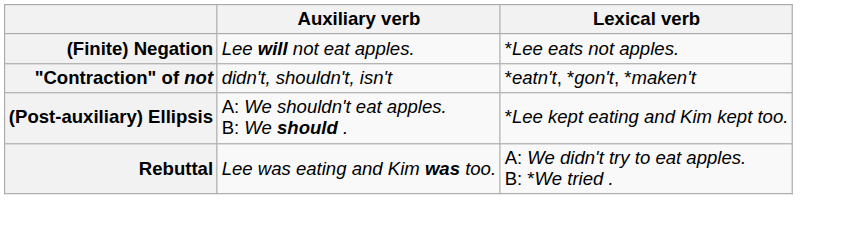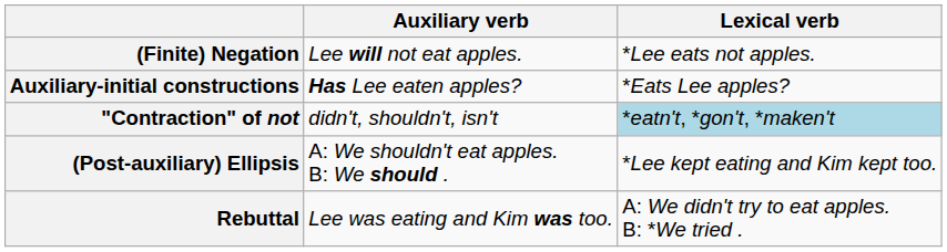 <table class="wikitable">
 <tr>
 <th></th>
 <th>Auxiliary verb</th>
 <th>Lexical verb</th>
 </tr>
 <tr>
 <th style="text-align:right;">(Finite) Negation</th>
 <td><em>Lee <strong>will</strong> not eat apples.</em></td>
 <td>*<em>Lee eats not apples.</em></td>
 </tr>
 <tr>
+<th style="text-align:right;">Auxiliary-initial constructions</th>
+<td><em><strong>Has</strong> Lee eaten apples?</em></td>
+<td>*<em>Eats Lee apples?</em></td>
+</tr>
+<tr>
 <th style="text-align:right;">"Contraction" of <em>not</em></th>
 <td><em>didn't, shouldn't, isn't</em></td>
-<td>*<em>eatn't</em>, *<em>gon't</em>, *<em>maken't</em></td>
+<td style="background: lightblue;">*<em>eatn't</em>, *<em>gon't</em>, *<em>maken't</em></td>
 </tr>
 <tr>
 <th style="text-align:right;">(Post-auxiliary) Ellipsis</th>
 <td>A: <em>We shouldn't eat apples.</em><br>B: <em>We <strong>should</strong> .</em></td>
 <td>*<em>Lee kept eating and Kim kept too.</em></td>
 </tr>
 <tr>
 <th style="text-align:right;">Rebuttal</th>
 <td><em>Lee was eating and Kim <strong>was</strong> too.</em></td>
 <td>A: <em>We didn't try to eat apples.</em><br>B: *<em>We tried .</em></td>
 </tr>
 </table>
